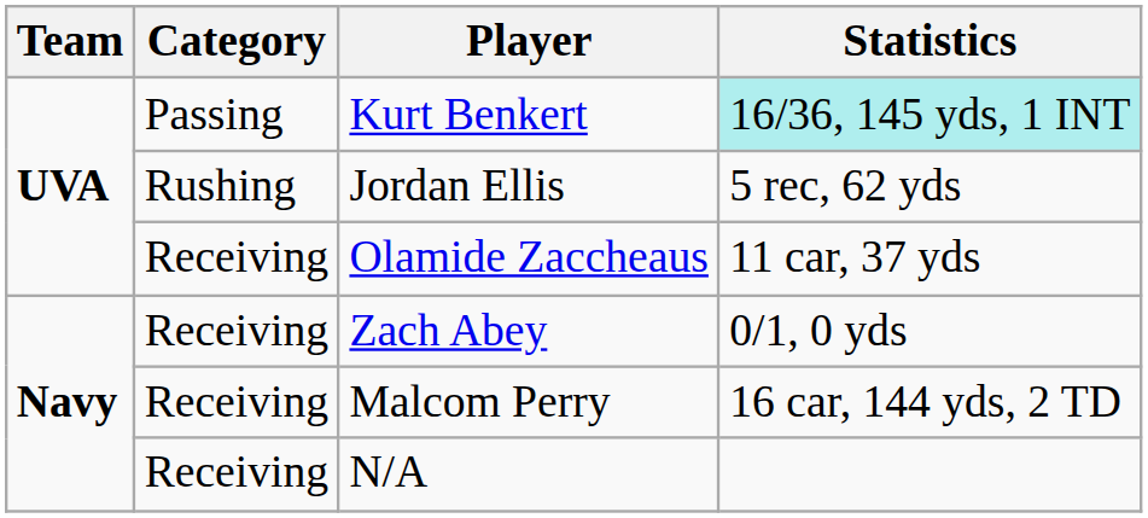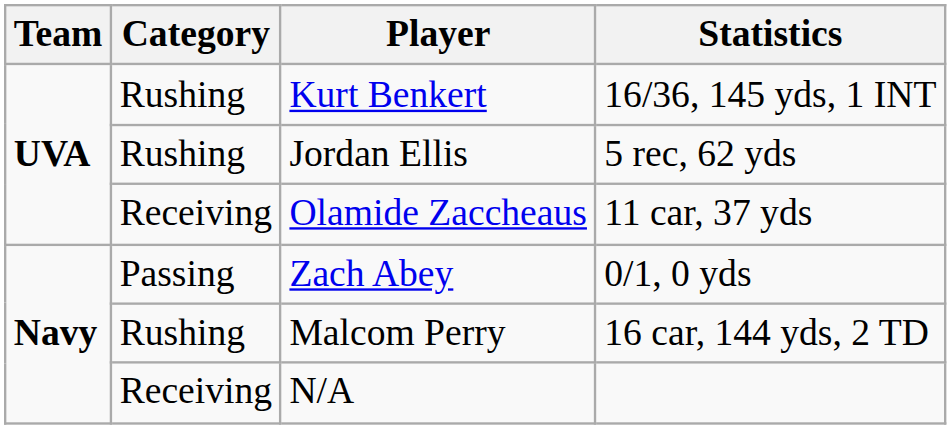 <table class="wikitable">
 <tr>
 <th>Team</th>
 <th>Category</th>
 <th>Player</th>
 <th>Statistics</th>
 </tr>
 <tr>
 <td rowspan=3><strong>UVA</strong></td>
-<td>Passing</td>
+<td>Rushing</td>
 <td><a href='#'>Kurt Benkert</a></td>
-<td style="background: paleturquoise;">16/36, 145 yds, 1 INT</td>
+<td>16/36, 145 yds, 1 INT</td>
 </tr>
 <tr>
 <td>Rushing</td>
 <td>Jordan Ellis</td>
 <td>5 rec, 62 yds</td>
 </tr>
 <tr>
 <td>Receiving</td>
 <td><a href='#'>Olamide Zaccheaus</a></td>
 <td>11 car, 37 yds</td>
 </tr>
 <tr>
 <td rowspan=3><strong>Navy</strong></td>
-<td>Receiving</td>
+<td>Passing</td>
 <td><a href='#'>Zach Abey</a></td>
 <td>0/1, 0 yds</td>
 </tr>
 <tr>
-<td>Receiving</td>
+<td>Rushing</td>
 <td>Malcom Perry</td>
 <td>16 car, 144 yds, 2 TD</td>
 </tr>
 <tr>
 <td>Receiving</td>
 <td>N/A</td>
 <td></td>
 </tr>
 </table>
